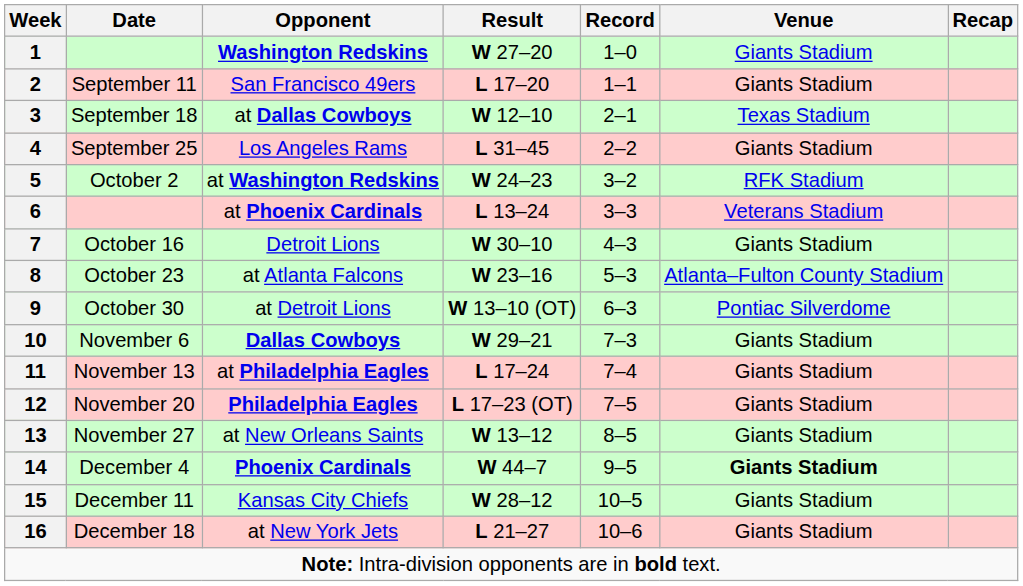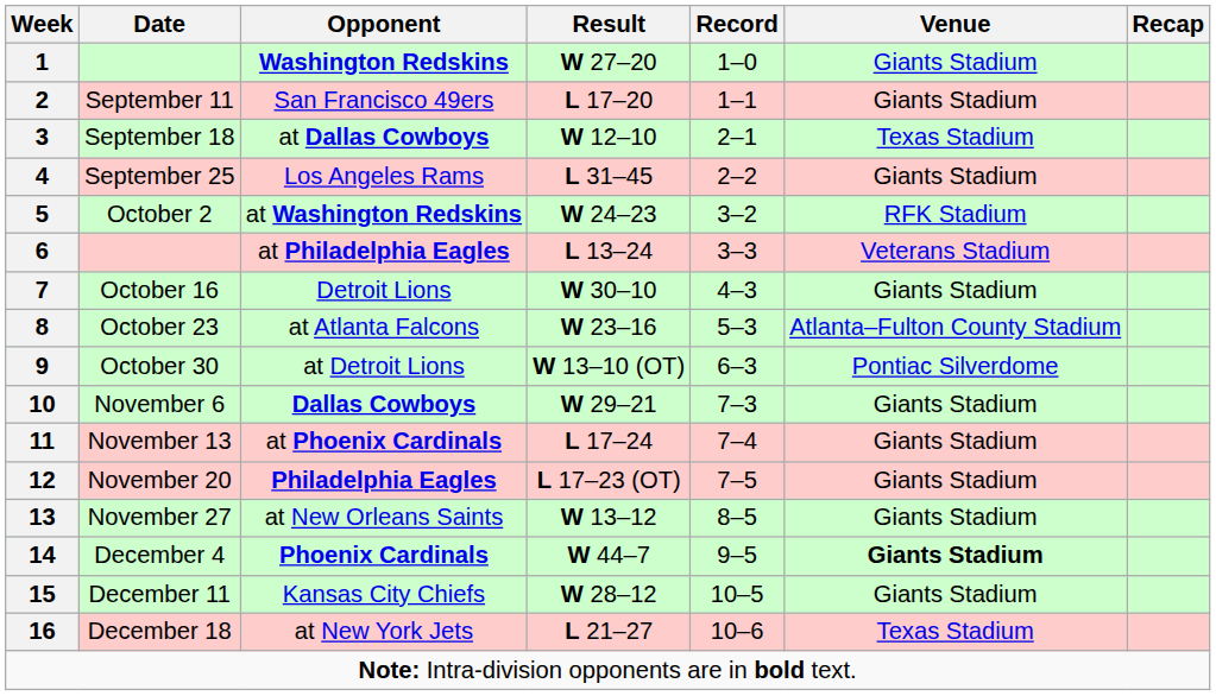 <table class="wikitable" style="text-align:center">
 <tr>
 <th>Week</th>
 <th>Date</th>
 <th>Opponent</th>
 <th>Result</th>
 <th>Record</th>
 <th>Venue</th>
 <th>Recap</th>
 </tr>
 <tr style="background:#cfc">
 <th>1</th>
 <td></td>
 <td><strong><a href='#'>Washington Redskins</a></strong></td>
 <td><strong>W</strong> 27–20</td>
 <td>1–0</td>
 <td><a href='#'>Giants Stadium</a></td>
 <td></td>
 </tr>
 <tr style="background:#fcc">
 <th>2</th>
 <td>September 11</td>
 <td><a href='#'>San Francisco 49ers</a></td>
 <td><strong>L</strong> 17–20</td>
 <td>1–1</td>
 <td>Giants Stadium</td>
 <td></td>
 </tr>
 <tr style="background:#cfc">
 <th>3</th>
 <td>September 18</td>
 <td>at <strong><a href='#'>Dallas Cowboys</a></strong></td>
 <td><strong>W</strong> 12–10</td>
 <td>2–1</td>
 <td><a href='#'>Texas Stadium</a></td>
 <td></td>
 </tr>
 <tr style="background:#fcc">
 <th>4</th>
 <td>September 25</td>
 <td><a href='#'>Los Angeles Rams</a></td>
 <td><strong>L</strong> 31–45</td>
 <td>2–2</td>
 <td>Giants Stadium</td>
 <td></td>
 </tr>
 <tr style="background:#cfc">
 <th>5</th>
 <td>October 2</td>
 <td>at <strong><a href='#'>Washington Redskins</a></strong></td>
 <td><strong>W</strong> 24–23</td>
 <td>3–2</td>
 <td><a href='#'>RFK Stadium</a></td>
 <td></td>
 </tr>
 <tr style="background:#fcc">
 <th>6</th>
 <td></td>
-<td>at <strong><a href='#'>Phoenix Cardinals</a></strong></td>
+<td>at <strong><a href='#'>Philadelphia Eagles</a></strong></td>
 <td><strong>L</strong> 13–24</td>
 <td>3–3</td>
 <td><a href='#'>Veterans Stadium</a></td>
 <td></td>
 </tr>
 <tr style="background:#cfc">
 <th>7</th>
 <td>October 16</td>
 <td><a href='#'>Detroit Lions</a></td>
 <td><strong>W</strong> 30–10</td>
 <td>4–3</td>
 <td>Giants Stadium</td>
 <td></td>
 </tr>
 <tr style="background:#cfc">
 <th>8</th>
 <td>October 23</td>
 <td>at <a href='#'>Atlanta Falcons</a></td>
 <td><strong>W</strong> 23–16</td>
 <td>5–3</td>
 <td><a href='#'>Atlanta–Fulton County Stadium</a></td>
 <td></td>
 </tr>
 <tr style="background:#cfc">
 <th>9</th>
 <td>October 30</td>
 <td>at <a href='#'>Detroit Lions</a></td>
 <td><strong>W</strong> 13–10 (OT)</td>
 <td>6–3</td>
 <td><a href='#'>Pontiac Silverdome</a></td>
 <td></td>
 </tr>
 <tr style="background:#cfc">
 <th>10</th>
 <td>November 6</td>
 <td><strong><a href='#'>Dallas Cowboys</a></strong></td>
 <td><strong>W</strong> 29–21</td>
 <td>7–3</td>
 <td>Giants Stadium</td>
 <td></td>
 </tr>
 <tr style="background:#fcc">
 <th>11</th>
 <td>November 13</td>
-<td>at <strong><a href='#'>Philadelphia Eagles</a></strong></td>
+<td>at <strong><a href='#'>Phoenix Cardinals</a></strong></td>
 <td><strong>L</strong> 17–24</td>
 <td>7–4</td>
 <td>Giants Stadium</td>
 <td></td>
 </tr>
 <tr style="background:#fcc">
 <th>12</th>
 <td>November 20</td>
 <td><strong><a href='#'>Philadelphia Eagles</a></strong></td>
 <td><strong>L</strong> 17–23 (OT)</td>
 <td>7–5</td>
 <td>Giants Stadium</td>
 <td></td>
 </tr>
 <tr style="background:#cfc">
 <th>13</th>
 <td>November 27</td>
 <td>at <a href='#'>New Orleans Saints</a></td>
 <td><strong>W</strong> 13–12</td>
 <td>8–5</td>
 <td>Giants Stadium</td>
 <td></td>
 </tr>
 <tr style="background:#cfc">
 <th>14</th>
 <td>December 4</td>
 <td><strong><a href='#'>Phoenix Cardinals</a></strong></td>
 <td><strong>W</strong> 44–7</td>
 <td>9–5</td>
 <td><strong>Giants Stadium</strong></td>
 <td></td>
 </tr>
 <tr style="background:#cfc">
 <th>15</th>
 <td>December 11</td>
 <td><a href='#'>Kansas City Chiefs</a></td>
 <td><strong>W</strong> 28–12</td>
 <td>10–5</td>
 <td>Giants Stadium</td>
 <td></td>
 </tr>
 <tr style="background:#fcc">
 <th>16</th>
 <td>December 18</td>
 <td>at <a href='#'>New York Jets</a></td>
 <td><strong>L</strong> 21–27</td>
 <td>10–6</td>
-<td>Giants Stadium</td>
+<td><a href='#'>Texas Stadium</a></td>
 <td></td>
 </tr>
 <tr>
 <td colspan="8"><strong>Note:</strong> Intra-division opponents are in <strong>bold</strong> text.</td>
 </tr>
 </table>
